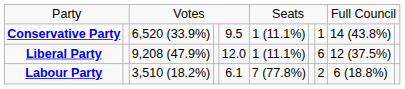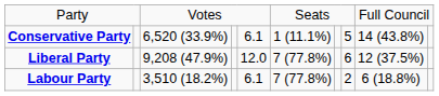 <table class=wikitable style="text-align:center;">
 <tr>
 <td colspan=2>Party</td>
 <td colspan=3>Votes</td>
 <td colspan=3>Seats</td>
 <td colspan=3>Full Council</td>
 </tr>
 <tr>
 <td><strong><a href='#'>Conservative Party</a></strong></td>
 <td style="background:"></td>
 <td>6,520 (33.9%)</td>
 <td></td>
-<td> 9.5</td>
+<td> 6.1</td>
 <td>1 (11.1%)</td>
 <td></td>
-<td> 1</td>
+<td> 5</td>
 <td>14 (43.8%)</td>
 <td></td>
 </tr>
 <tr>
 <td><strong><a href='#'>Liberal Party</a></strong></td>
 <td style="background:"></td>
 <td>9,208 (47.9%)</td>
 <td></td>
 <td> 12.0</td>
-<td>1 (11.1%)</td>
+<td>7 (77.8%)</td>
 <td></td>
 <td> 6</td>
 <td>12 (37.5%)</td>
 <td></td>
 </tr>
 <tr>
 <td><strong><a href='#'>Labour Party</a></strong></td>
 <td style="background:"></td>
 <td>3,510 (18.2%)</td>
 <td></td>
 <td> 6.1</td>
 <td>7 (77.8%)</td>
 <td></td>
 <td> 2</td>
 <td>6 (18.8%)</td>
 <td></td>
 </tr>
 </table>
